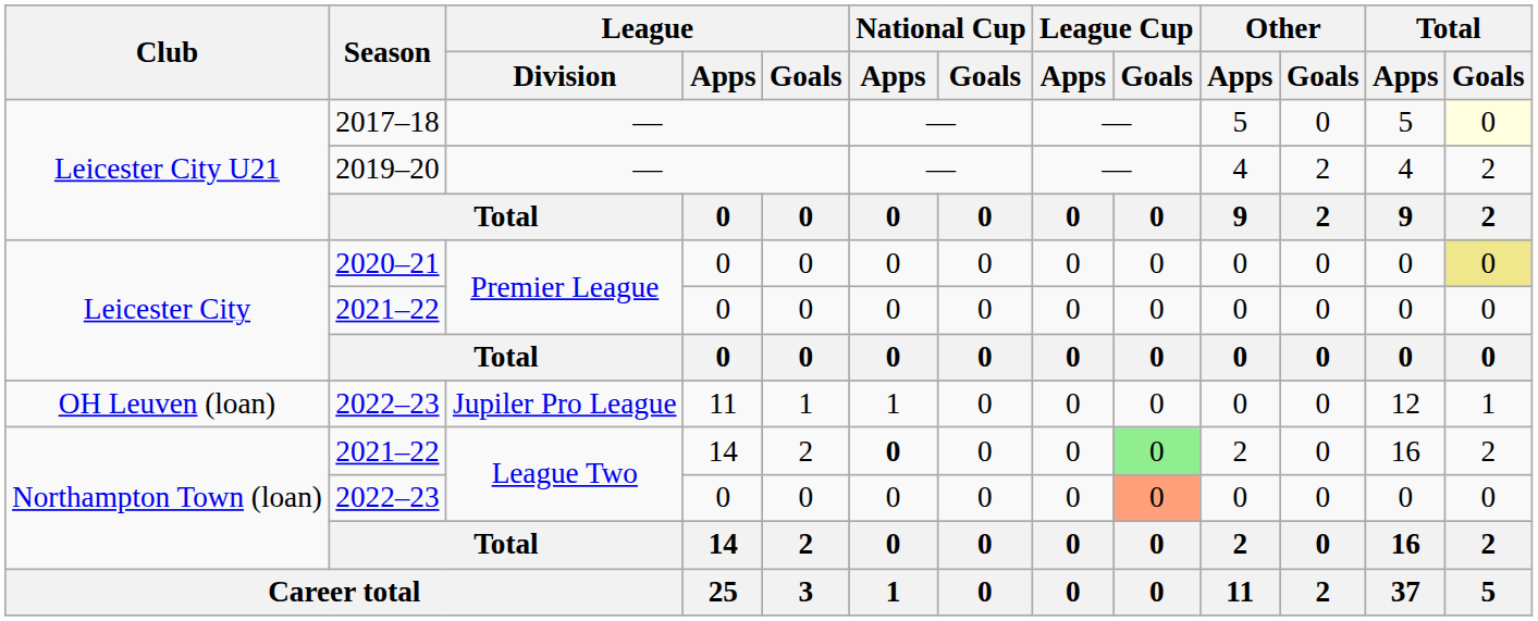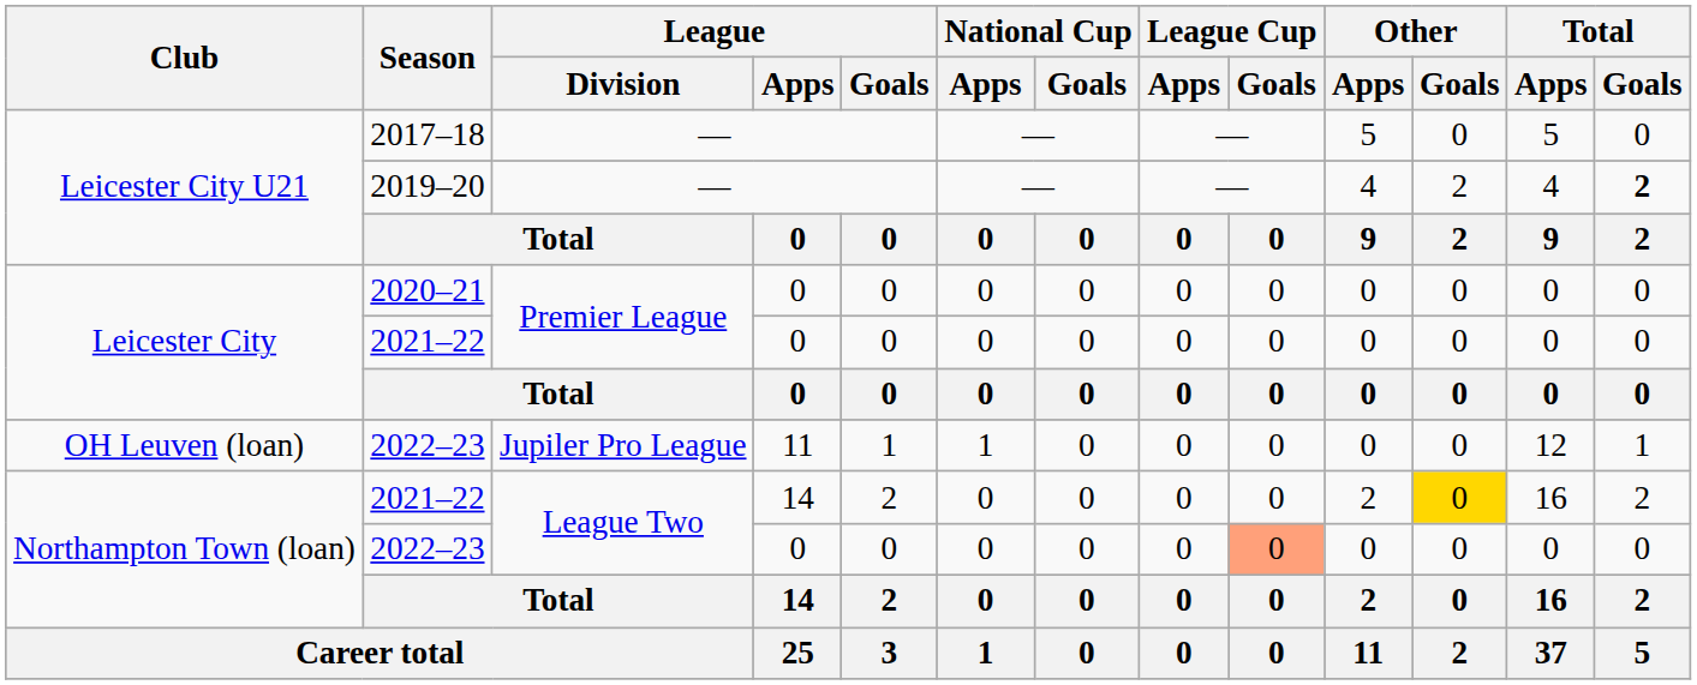 <table class="wikitable" style="text-align: center">
 <tr>
 <th rowspan="2">Club</th>
 <th rowspan="2">Season</th>
 <th colspan="3">League</th>
 <th colspan="2">National Cup</th>
 <th colspan="2">League Cup</th>
 <th colspan="2">Other</th>
 <th colspan="2">Total</th>
 </tr>
 <tr>
 <th>Division</th>
 <th>Apps</th>
 <th>Goals</th>
 <th>Apps</th>
 <th>Goals</th>
 <th>Apps</th>
 <th>Goals</th>
 <th>Apps</th>
 <th>Goals</th>
 <th>Apps</th>
 <th>Goals</th>
 </tr>
 <tr>
 <td rowspan="3"><a href='#'>Leicester City U21</a></td>
 <td>2017–18</td>
 <td colspan="3">—</td>
 <td colspan="2">—</td>
 <td colspan="2">—</td>
 <td>5</td>
 <td>0</td>
 <td>5</td>
-<td style="background: lightyellow;">0</td>
+<td>0</td>
 </tr>
 <tr>
 <td>2019–20</td>
 <td colspan="3">—</td>
 <td colspan="2">—</td>
 <td colspan="2">—</td>
 <td>4</td>
 <td>2</td>
 <td>4</td>
-<td>2</td>
+<td><strong>2</strong></td>
 </tr>
 <tr>
 <th colspan=2>Total</th>
 <th>0</th>
 <th>0</th>
 <th>0</th>
 <th>0</th>
 <th>0</th>
 <th>0</th>
 <th>9</th>
 <th>2</th>
 <th>9</th>
 <th>2</th>
 </tr>
 <tr>
 <td rowspan="3"><a href='#'>Leicester City</a></td>
 <td><a href='#'>2020–21</a></td>
 <td rowspan="2"><a href='#'>Premier League</a></td>
 <td>0</td>
 <td>0</td>
 <td>0</td>
 <td>0</td>
 <td>0</td>
 <td>0</td>
 <td>0</td>
 <td>0</td>
 <td>0</td>
-<td style="background: khaki;">0</td>
+<td>0</td>
 </tr>
 <tr>
 <td><a href='#'>2021–22</a></td>
 <td>0</td>
 <td>0</td>
 <td>0</td>
 <td>0</td>
 <td>0</td>
 <td>0</td>
 <td>0</td>
 <td>0</td>
 <td>0</td>
 <td>0</td>
 </tr>
 <tr>
 <th colspan=2>Total</th>
 <th>0</th>
 <th>0</th>
 <th>0</th>
 <th>0</th>
 <th>0</th>
 <th>0</th>
 <th>0</th>
 <th>0</th>
 <th>0</th>
 <th>0</th>
 </tr>
 <tr>
 <td><a href='#'>OH Leuven</a> (loan)</td>
 <td><a href='#'>2022–23</a></td>
 <td><a href='#'>Jupiler Pro League</a></td>
 <td>11</td>
 <td>1</td>
 <td>1</td>
 <td>0</td>
 <td>0</td>
 <td>0</td>
 <td>0</td>
 <td>0</td>
 <td>12</td>
 <td>1</td>
 </tr>
 <tr>
 <td rowspan="3"><a href='#'>Northampton Town</a> (loan)</td>
 <td><a href='#'>2021–22</a></td>
 <td rowspan="2"><a href='#'>League Two</a></td>
 <td>14</td>
 <td>2</td>
-<td><strong>0</strong></td>
 <td>0</td>
 <td>0</td>
-<td style="background: lightgreen;">0</td>
+<td>0</td>
+<td>0</td>
 <td>2</td>
-<td>0</td>
+<td style="background: gold;">0</td>
 <td>16</td>
 <td>2</td>
 </tr>
 <tr>
 <td><a href='#'>2022–23</a></td>
 <td>0</td>
 <td>0</td>
 <td>0</td>
 <td>0</td>
 <td>0</td>
 <td style="background: lightsalmon;">0</td>
 <td>0</td>
 <td>0</td>
 <td>0</td>
 <td>0</td>
 </tr>
 <tr>
 <th colspan=2>Total</th>
 <th>14</th>
 <th>2</th>
 <th>0</th>
 <th>0</th>
 <th>0</th>
 <th>0</th>
 <th>2</th>
 <th>0</th>
 <th>16</th>
 <th>2</th>
 </tr>
 <tr>
 <th colspan="3">Career total</th>
 <th>25</th>
 <th>3</th>
 <th>1</th>
 <th>0</th>
 <th>0</th>
 <th>0</th>
 <th>11</th>
 <th>2</th>
 <th>37</th>
 <th>5</th>
 </tr>
 </table>
